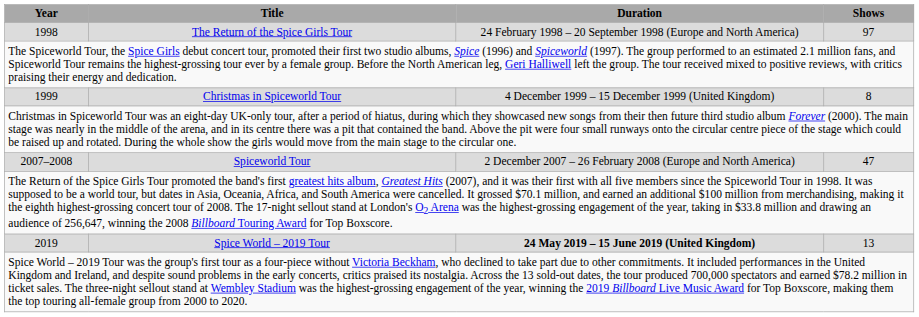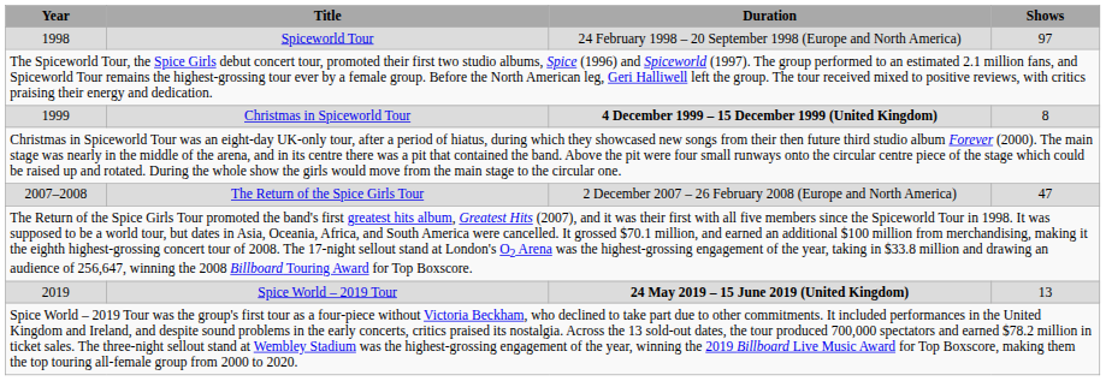 <table class="wikitable" style="width:100%;">
 <tr>
 <th style="width:20px; background:darkGrey;">Year</th>
 <th style="width:200px; background:darkGrey;">Title</th>
 <th style="width:200px; background:darkGrey;">Duration</th>
 <th style="width:20px; background:darkGrey;">Shows</th>
 </tr>
 <tr style="text-align:center; background:#dcdcdc;">
 <td>1998</td>
-<td style="background:#dcdcdc; text-align:center;"><a href='#'>The Return of the Spice Girls Tour</a></td>
+<td style="background:#dcdcdc; text-align:center;"><a href='#'>Spiceworld Tour</a></td>
 <td style="background:#dcdcdc; text-align:center;">24 February 1998 – 20 September 1998 (Europe and North America)</td>
 <td style="background:#dcdcdc; text-align:center;">97</td>
 </tr>
 <tr>
 <td colspan="14" style="border-bottom-width:1px; padding:5px;">The Spiceworld Tour, the <a href='#'>Spice Girls</a> debut concert tour, promoted their first two studio albums, <em><a href='#'>Spice</a></em> (1996) and <em><a href='#'>Spiceworld</a></em> (1997). The group performed to an estimated 2.1 million fans, and Spiceworld Tour remains the highest-grossing tour ever by a female group. Before the North American leg, <a href='#'>Geri Halliwell</a> left the group. The tour received mixed to positive reviews, with critics praising their energy and dedication.</td>
 </tr>
 <tr style="text-align:center; background:#dcdcdc;">
 <td>1999</td>
 <td style="background:#dcdcdc; text-align:center;"><a href='#'>Christmas in Spiceworld Tour</a></td>
-<td style="background:#dcdcdc; text-align:center;">4 December 1999 – 15 December 1999 (United Kingdom)</td>
+<td style="background:#dcdcdc; text-align:center;"><strong>4 December 1999 – 15 December 1999 (United Kingdom)</strong></td>
 <td style="background:#dcdcdc; text-align:center;">8</td>
 </tr>
 <tr>
 <td colspan="14" style="border-bottom-width:1px; padding:5px;">Christmas in Spiceworld Tour was an eight-day UK-only tour, after a period of hiatus, during which they showcased new songs from their then future third studio album <em><a href='#'>Forever</a></em> (2000). The main stage was nearly in the middle of the arena, and in its centre there was a pit that contained the band. Above the pit were four small runways onto the circular centre piece of the stage which could be raised up and rotated. During the whole show the girls would move from the main stage to the circular one.</td>
 </tr>
 <tr style="text-align:center; background:#dcdcdc;">
 <td>2007–2008</td>
-<td style="background:#dcdcdc; text-align:center;"><a href='#'>Spiceworld Tour</a></td>
+<td style="background:#dcdcdc; text-align:center;"><a href='#'>The Return of the Spice Girls Tour</a></td>
 <td style="background:#dcdcdc; text-align:center;">2 December 2007 – 	26 February 2008 (Europe and North America)</td>
 <td style="background:#dcdcdc; text-align:center;">47</td>
 </tr>
 <tr>
 <td colspan="14" style="border-bottom-width:1px; padding:5px;">The Return of the Spice Girls Tour promoted the band's first <a href='#'>greatest hits album</a>, <em><a href='#'>Greatest Hits</a></em> (2007), and it was their first with all five members since the Spiceworld Tour in 1998.  It was supposed to be a world tour, but dates in Asia, Oceania, Africa, and South America were cancelled. It grossed $70.1 million, and earned an additional $100 million from merchandising, making it the eighth highest-grossing concert tour of 2008. The 17-night sellout stand at London's <a href='#'>O<sub>2</sub> Arena</a> was the highest-grossing engagement of the year, taking in $33.8 million and drawing an audience of 256,647, winning the 2008 <a href='#'><em>Billboard</em> Touring Award</a> for Top Boxscore.</td>
 </tr>
 <tr style="text-align:center; background:#dcdcdc;">
 <td>2019</td>
 <td style="background:#dcdcdc; text-align:center;"><a href='#'>Spice World – 2019 Tour</a></td>
 <td style="background:#dcdcdc; text-align:center;"><strong>24 May 2019 – 15 June 2019 (United Kingdom)</strong></td>
 <td style="background:#dcdcdc; text-align:center;">13</td>
 </tr>
 <tr>
 <td colspan="14" style="border-bottom-width:1px; padding:5px;">Spice World – 2019 Tour was the group's first tour as a four-piece without <a href='#'>Victoria Beckham</a>, who declined to take part due to other commitments. It included performances in the United Kingdom and Ireland, and despite sound problems in the early concerts, critics praised its nostalgia. Across the 13 sold-out dates, the tour produced 700,000 spectators and earned $78.2 million in ticket sales. The three-night sellout stand at <a href='#'>Wembley Stadium</a> was the highest-grossing engagement of the year, winning the <a href='#'>2019 <em>Billboard</em> Live Music Award</a> for Top Boxscore, making them the top touring all-female group from 2000 to 2020.</td>
 </tr>
 </table>
